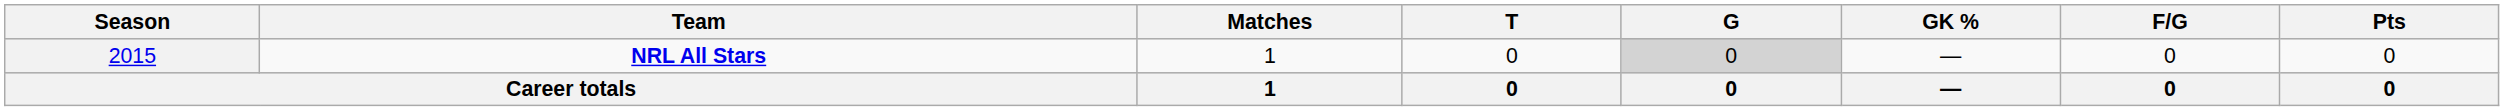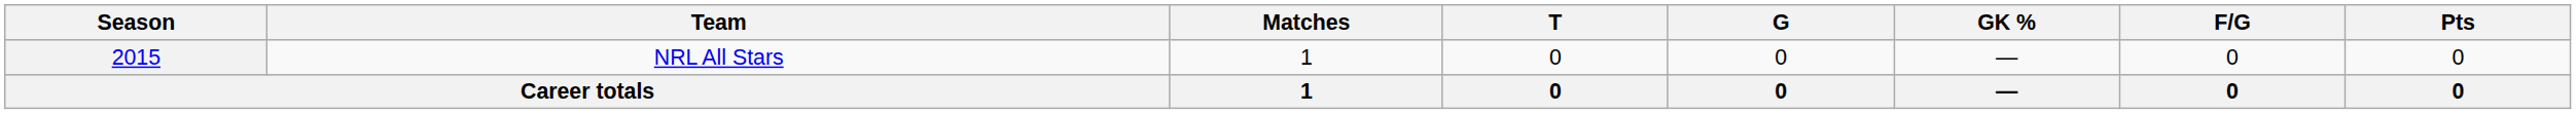 <table class="wikitable sortable"  style="font-size:90%; text-align:center; width:85%;">
 <tr>
 <th width=2%>Season</th>
 <th width=8%>Team</th>
 <th width=2%>Matches</th>
 <th width=2%>T</th>
 <th width=2%>G</th>
 <th width=2%>GK %</th>
 <th width=2%>F/G</th>
 <th width=2%>Pts</th>
 </tr>
 <tr>
 <th scope="row" style="text-align:center; font-weight:normal"><a href='#'>2015</a></th>
-<td style="text-align:center;"><strong> <a href='#'>NRL All Stars</a></strong></td>
+<td style="text-align:center;"> <a href='#'>NRL All Stars</a></td>
 <td>1</td>
 <td>0</td>
-<td style="background: lightgrey;">0</td>
+<td>0</td>
 <td>—</td>
 <td>0</td>
 <td>0</td>
 </tr>
 <tr class="sortbottom">
 <th colspan=2>Career totals</th>
 <th>1</th>
 <th>0</th>
 <th>0</th>
 <th>—</th>
 <th>0</th>
 <th>0</th>
 </tr>
 </table>
